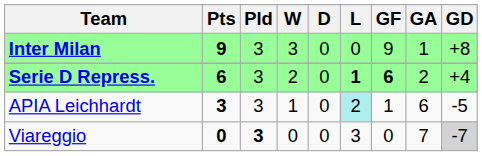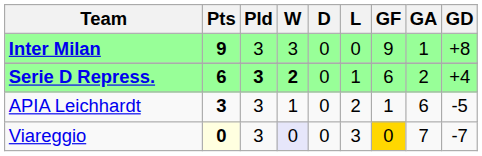 <table class=wikitable style="text-align:center">
 <tr>
 <th width=165>Team</th>
 <th width=20>Pts</th>
 <th width=20>Pld</th>
 <th width=20>W</th>
 <th width=20>D</th>
 <th width=20>L</th>
 <th width=20>GF</th>
 <th width=20>GA</th>
 <th width=20>GD</th>
 </tr>
 <tr align=center style="background:#98FF98;">
 <td style="text-align:left"> <strong><a href='#'>Inter Milan</a></strong></td>
 <td><strong>9</strong></td>
 <td>3</td>
 <td>3</td>
 <td>0</td>
 <td>0</td>
 <td>9</td>
 <td>1</td>
 <td>+8</td>
 </tr>
 <tr>
 </tr>
 <tr align=center style="background:#98FF98;">
 <td style="text-align:left"> <strong><a href='#'>Serie D Repress.</a></strong></td>
 <td><strong>6</strong></td>
-<td>3</td>
-<td>2</td>
+<td><strong>3</strong></td>
+<td><strong>2</strong></td>
 <td>0</td>
-<td><strong>1</strong></td>
-<td><strong>6</strong></td>
+<td>1</td>
+<td>6</td>
 <td>2</td>
 <td>+4</td>
 </tr>
 <tr>
 <td style="text-align:left"> <a href='#'>APIA Leichhardt</a></td>
 <td><strong>3</strong></td>
 <td>3</td>
 <td>1</td>
 <td>0</td>
-<td style="background: paleturquoise;">2</td>
+<td>2</td>
 <td>1</td>
 <td>6</td>
 <td>-5</td>
 </tr>
 <tr>
 <td style="text-align:left"> <a href='#'>Viareggio</a></td>
-<td><strong>0</strong></td>
-<td><strong>3</strong></td>
-<td>0</td>
+<td style="background: lightyellow;"><strong>0</strong></td>
+<td>3</td>
+<td style="background: lavender;">0</td>
 <td>0</td>
 <td>3</td>
-<td>0</td>
+<td style="background: gold;">0</td>
 <td>7</td>
-<td style="background: lightgrey;">-7</td>
+<td>-7</td>
 </tr>
 </table>
